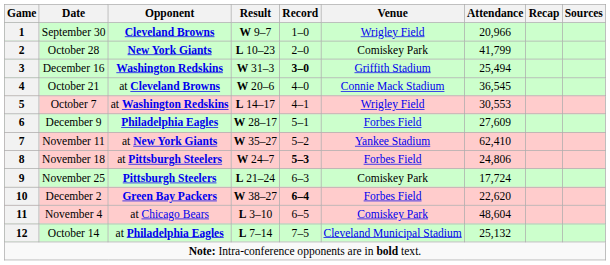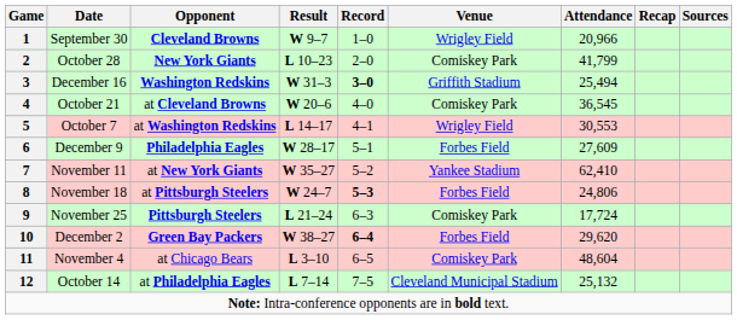 <table class="wikitable" style="text-align:center">
 <tr>
 <th>Game</th>
 <th>Date</th>
 <th>Opponent</th>
 <th>Result</th>
 <th>Record</th>
 <th>Venue</th>
 <th>Attendance</th>
 <th>Recap</th>
 <th>Sources</th>
 </tr>
 <tr style="background:#cfc">
 <th>1</th>
 <td>September 30</td>
 <td><strong><a href='#'>Cleveland Browns</a></strong></td>
 <td><strong>W</strong> 9–7</td>
 <td>1–0</td>
 <td><a href='#'>Wrigley Field</a></td>
 <td>20,966</td>
 <td></td>
 <td></td>
 </tr>
 <tr style="background:#cfc">
 <th>2</th>
 <td>October 28</td>
 <td><strong><a href='#'>New York Giants</a></strong></td>
 <td><strong>L</strong> 10–23</td>
 <td>2–0</td>
 <td>Comiskey Park</td>
 <td>41,799</td>
 <td></td>
 <td></td>
 </tr>
 <tr style="background:#cfc">
 <th>3</th>
 <td>December 16</td>
 <td><strong><a href='#'>Washington Redskins</a></strong></td>
 <td><strong>W</strong> 31–3</td>
 <td><strong>3–0</strong></td>
 <td><a href='#'>Griffith Stadium</a></td>
 <td>25,494</td>
 <td></td>
 <td></td>
 </tr>
 <tr style="background:#cfc">
 <th>4</th>
 <td>October 21</td>
 <td>at <strong><a href='#'>Cleveland Browns</a></strong></td>
 <td><strong>W</strong> 20–6</td>
 <td>4–0</td>
-<td><a href='#'>Connie Mack Stadium</a></td>
+<td>Comiskey Park</td>
 <td>36,545</td>
 <td></td>
 <td></td>
 </tr>
 <tr style="background:#fcc">
 <th>5</th>
 <td>October 7</td>
 <td>at <strong><a href='#'>Washington Redskins</a></strong></td>
 <td><strong>L</strong> 14–17</td>
 <td>4–1</td>
 <td><a href='#'>Wrigley Field</a></td>
 <td>30,553</td>
 <td></td>
 <td></td>
 </tr>
 <tr style="background:#cfc">
 <th>6</th>
 <td>December 9</td>
 <td><strong><a href='#'>Philadelphia Eagles</a></strong></td>
 <td><strong>W</strong> 28–17</td>
 <td>5–1</td>
 <td><a href='#'>Forbes Field</a></td>
 <td>27,609</td>
 <td></td>
 <td></td>
 </tr>
 <tr style="background:#fcc">
 <th>7</th>
 <td>November 11</td>
 <td>at <strong><a href='#'>New York Giants</a></strong></td>
 <td><strong>W</strong> 35–27</td>
 <td>5–2</td>
 <td><a href='#'>Yankee Stadium</a></td>
 <td>62,410</td>
 <td></td>
 <td></td>
 </tr>
 <tr style="background:#fcc">
 <th>8</th>
 <td>November 18</td>
 <td>at <strong><a href='#'>Pittsburgh Steelers</a></strong></td>
 <td><strong>W</strong> 24–7</td>
 <td><strong>5–3</strong></td>
 <td><a href='#'>Forbes Field</a></td>
 <td>24,806</td>
 <td></td>
 <td></td>
 </tr>
 <tr style="background:#cfc">
 <th>9</th>
 <td>November 25</td>
 <td><strong><a href='#'>Pittsburgh Steelers</a></strong></td>
 <td><strong>L</strong> 21–24</td>
 <td>6–3</td>
 <td>Comiskey Park</td>
 <td>17,724</td>
 <td></td>
 <td></td>
 </tr>
 <tr style="background:#fcc">
 <th>10</th>
 <td>December 2</td>
 <td><strong><a href='#'>Green Bay Packers</a></strong></td>
 <td><strong>W</strong> 38–27</td>
 <td><strong>6–4</strong></td>
 <td><a href='#'>Forbes Field</a></td>
-<td>22,620</td>
+<td>29,620</td>
 <td></td>
 <td></td>
 </tr>
 <tr style="background:#fcc">
 <th>11</th>
 <td>November 4</td>
 <td>at <a href='#'>Chicago Bears</a></td>
 <td><strong>L</strong> 3–10</td>
 <td>6–5</td>
 <td><a href='#'>Comiskey Park</a></td>
 <td>48,604</td>
 <td></td>
 <td></td>
 </tr>
 <tr style="background:#cfc">
 <th>12</th>
 <td>October 14</td>
 <td>at <strong><a href='#'>Philadelphia Eagles</a></strong></td>
 <td><strong>L</strong> 7–14</td>
 <td>7–5</td>
 <td><a href='#'>Cleveland Municipal Stadium</a></td>
 <td>25,132</td>
 <td></td>
 <td></td>
 </tr>
 <tr>
 <td colspan="9"><strong>Note:</strong> Intra-conference opponents are in <strong>bold</strong> text.</td>
 </tr>
 </table>
